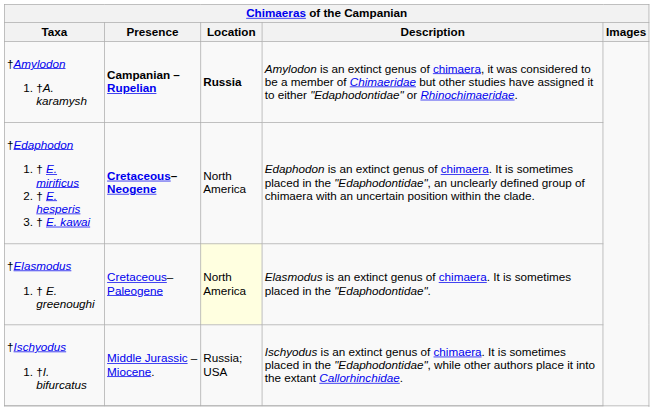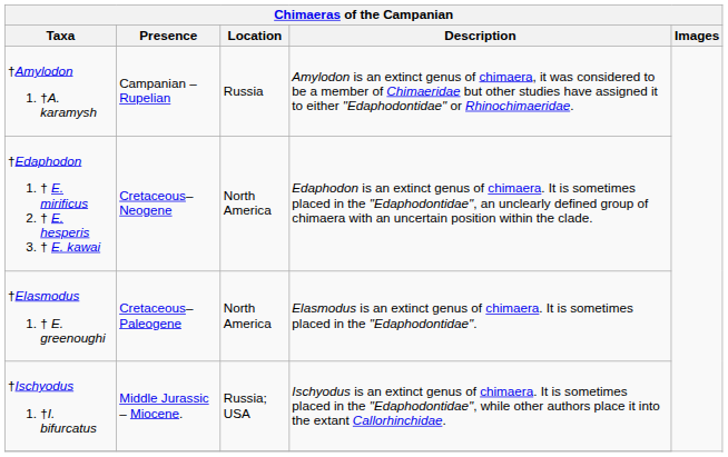 <table class="wikitable" align="center" width="100%">
 <tr>
 <th colspan="5" align="center"><a href='#'>Chimaeras</a> of the Campanian</th>
 </tr>
 <tr>
 <th>Taxa</th>
 <th>Presence</th>
 <th>Location</th>
 <th>Description</th>
 <th>Images</th>
 </tr>
 <tr>
 <td><br>†<em><a href='#'>Amylodon</a></em><ol><li>†<em>A. karamysh </em></li></ol></td>
-<td><strong>Campanian – <a href='#'>Rupelian</a></strong></td>
-<td><strong>Russia</strong></td>
+<td>Campanian – <a href='#'>Rupelian</a></td>
+<td>Russia</td>
 <td><em>Amylodon</em> is an extinct genus of <a href='#'>chimaera</a>, it was considered to be a member of <em><a href='#'>Chimaeridae</a></em> but other studies have assigned it to  either <em>"Edaphodontidae"</em> or <em><a href='#'>Rhinochimaeridae</a></em>.</td>
 <td rowspan="99"></td>
 </tr>
 <tr>
 <td><br>†<em><a href='#'>Edaphodon</a></em><ol><li>†<em> <a href='#'>E. mirificus</a></em></li><li>†<em> <a href='#'>E. hesperis</a></em></li><li>†<em> <a href='#'>E. kawai</a></em></li></ol></td>
-<td><strong><a href='#'>Cretaceous</a>–<a href='#'>Neogene</a></strong></td>
+<td><a href='#'>Cretaceous</a>–<a href='#'>Neogene</a></td>
 <td>North America</td>
 <td><em>Edaphodon</em> is an extinct genus of <a href='#'>chimaera</a>. It is sometimes placed in the <em>"Edaphodontidae"</em>, an unclearly defined group of chimaera with an uncertain position within the clade.</td>
 </tr>
 <tr>
 <td><br>†<em><a href='#'>Elasmodus</a></em><ol><li>†<em> E. greenoughi</em></li></ol></td>
 <td><a href='#'>Cretaceous</a>–<a href='#'>Paleogene</a></td>
-<td style="background: lightyellow;">North America</td>
+<td>North America</td>
 <td><em>Elasmodus</em> is an extinct genus of <a href='#'>chimaera</a>. It is sometimes placed in the <em>"Edaphodontidae"</em>.</td>
 </tr>
 <tr>
 <td><br>†<em><a href='#'>Ischyodus</a></em><ol><li>†<em>I. bifurcatus</em></li></ol></td>
 <td><a href='#'>Middle Jurassic</a> – <a href='#'>Miocene</a>.</td>
 <td>Russia; USA</td>
 <td><em>Ischyodus</em> is an extinct genus of <a href='#'>chimaera</a>. It is sometimes placed in the <em>"Edaphodontidae"</em>, while other authors place it into the extant <em><a href='#'>Callorhinchidae</a></em>.</td>
 </tr>
 <tr>
 </tr>
 </table>
